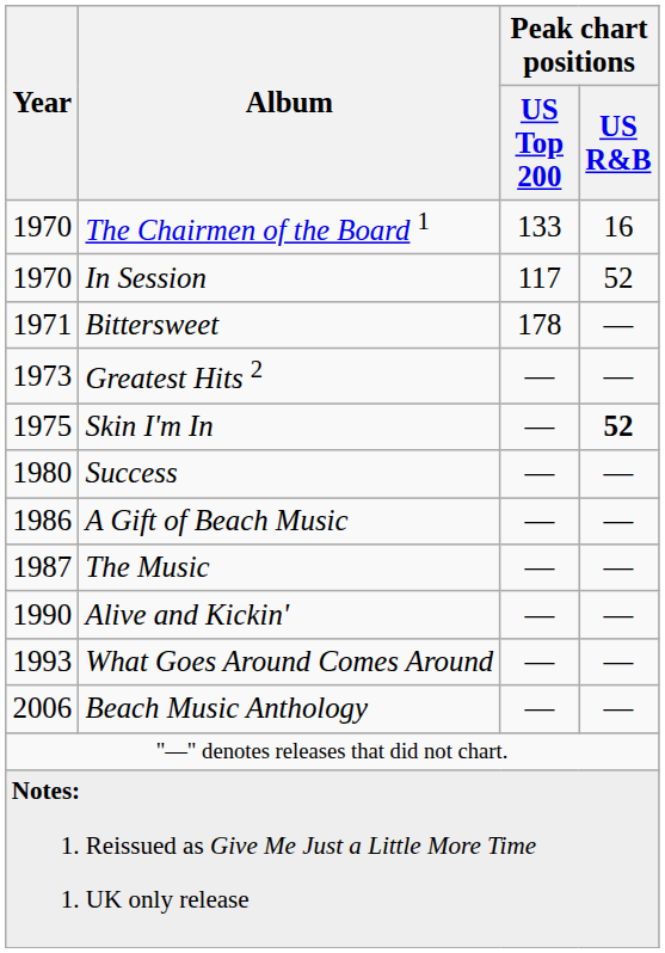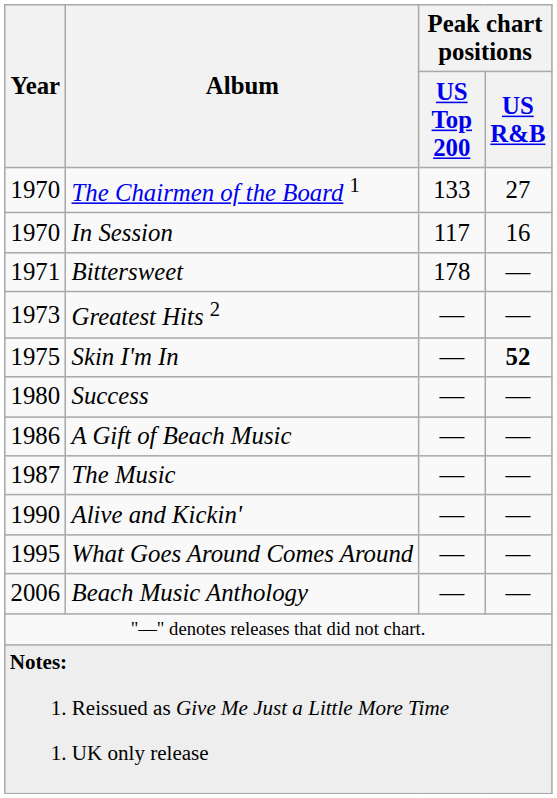 <table class="wikitable">
 <tr>
 <th rowspan="2">Year</th>
 <th rowspan="2">Album</th>
 <th colspan="2">Peak chart positions</th>
 </tr>
 <tr>
 <th width="35"><a href='#'>US Top 200</a><br></th>
 <th width="35"><a href='#'>US R&B</a><br></th>
 </tr>
 <tr>
 <td>1970</td>
 <td><em><a href='#'>The Chairmen of the Board</a></em> <sup>1</sup></td>
 <td align="center">133</td>
-<td align="center">16</td>
+<td align="center">27</td>
 </tr>
 <tr>
 <td>1970</td>
 <td><em>In Session</em></td>
 <td align="center">117</td>
-<td align="center">52</td>
+<td align="center">16</td>
 </tr>
 <tr>
 <td>1971</td>
 <td><em>Bittersweet</em></td>
 <td align="center">178</td>
 <td align="center">—</td>
 </tr>
 <tr>
 <td>1973</td>
 <td><em>Greatest Hits</em> <sup>2</sup></td>
 <td align="center">—</td>
 <td align="center">—</td>
 </tr>
 <tr>
 <td>1975</td>
 <td><em>Skin I'm In</em></td>
 <td align="center">—</td>
 <td align="center"><strong>52</strong></td>
 </tr>
 <tr>
 <td>1980</td>
 <td><em>Success</em></td>
 <td align="center">—</td>
 <td align="center">—</td>
 </tr>
 <tr>
 <td>1986</td>
 <td><em>A Gift of Beach Music</em></td>
 <td align="center">—</td>
 <td align="center">—</td>
 </tr>
 <tr>
 <td>1987</td>
 <td><em>The Music</em></td>
 <td align="center">—</td>
 <td align="center">—</td>
 </tr>
 <tr>
 <td>1990</td>
 <td><em>Alive and Kickin' </em></td>
 <td align="center">—</td>
 <td align="center">—</td>
 </tr>
 <tr>
-<td>1993</td>
+<td>1995</td>
 <td><em>What Goes Around Comes Around</em></td>
 <td align="center">—</td>
 <td align="center">—</td>
 </tr>
 <tr>
 <td>2006</td>
 <td><em>Beach Music Anthology</em></td>
 <td align="center">—</td>
 <td align="center">—</td>
 </tr>
 <tr>
 <td colspan="8" style="text-align:center; font-size:9pt;">"—" denotes releases that did not chart.</td>
 </tr>
 <tr>
 <td style="font-size:85%" bgcolor="#eeeeee" colspan="7"><strong>Notes:</strong><br><ol><li>Reissued as <em>Give Me Just a Little More Time</em></ol> <ol><li>UK only release</ol></td>
 </tr>
 </table>
